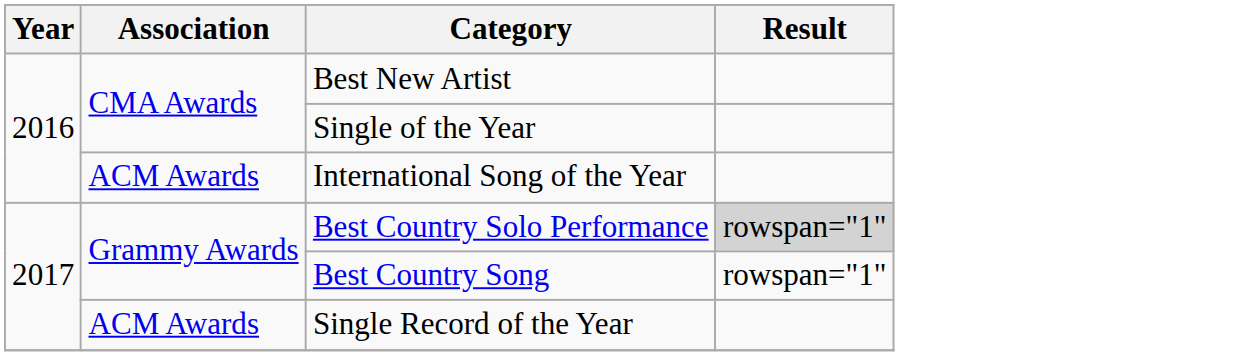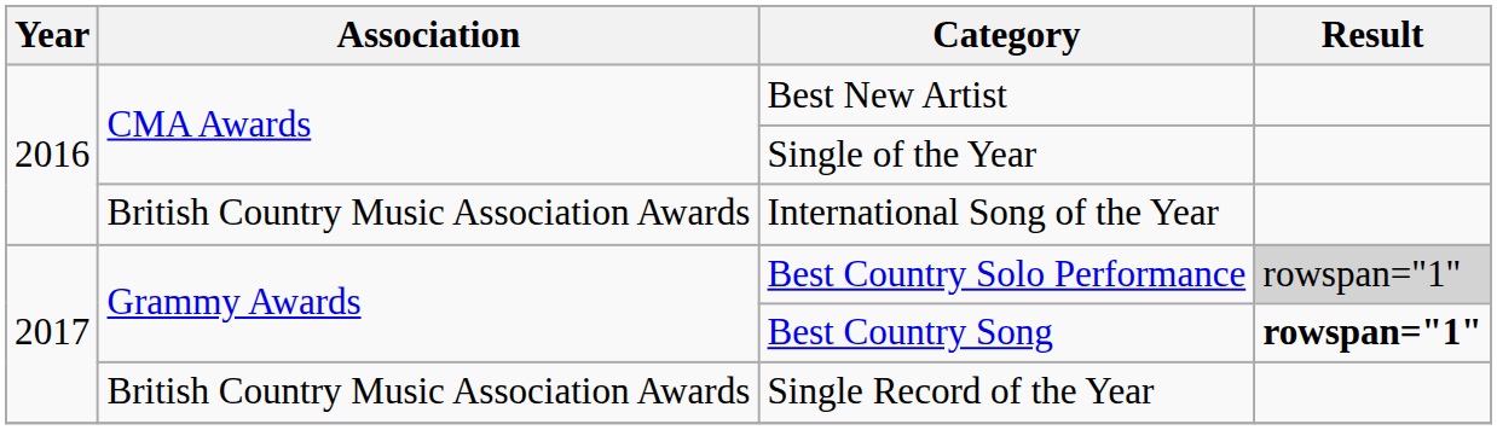 <table class="wikitable plainrowheaders">
 <tr>
 <th>Year</th>
 <th>Association</th>
 <th>Category</th>
 <th>Result</th>
 </tr>
 <tr>
 <td rowspan="3">2016</td>
 <td rowspan="2"><a href='#'>CMA Awards</a></td>
 <td>Best New Artist</td>
 <td></td>
 </tr>
 <tr>
 <td>Single of the Year</td>
 <td></td>
 </tr>
 <tr>
-<td><a href='#'>ACM Awards</a></td>
+<td rowspan="1">British Country Music Association Awards</td>
 <td>International Song of the Year</td>
 <td></td>
 </tr>
 <tr>
 <td rowspan="3">2017</td>
 <td rowspan="2"><a href='#'>Grammy Awards</a></td>
 <td><a href='#'>Best Country Solo Performance</a></td>
 <td style="background: lightgrey;">rowspan="1" </td>
 </tr>
 <tr>
 <td><a href='#'>Best Country Song</a></td>
-<td>rowspan="1" </td>
+<td><strong>rowspan="1" </strong></td>
 </tr>
 <tr>
-<td><a href='#'>ACM Awards</a></td>
+<td rowspan="1">British Country Music Association Awards</td>
 <td>Single Record of the Year</td>
 <td></td>
 </tr>
 <tr>
 </tr>
 </table>
